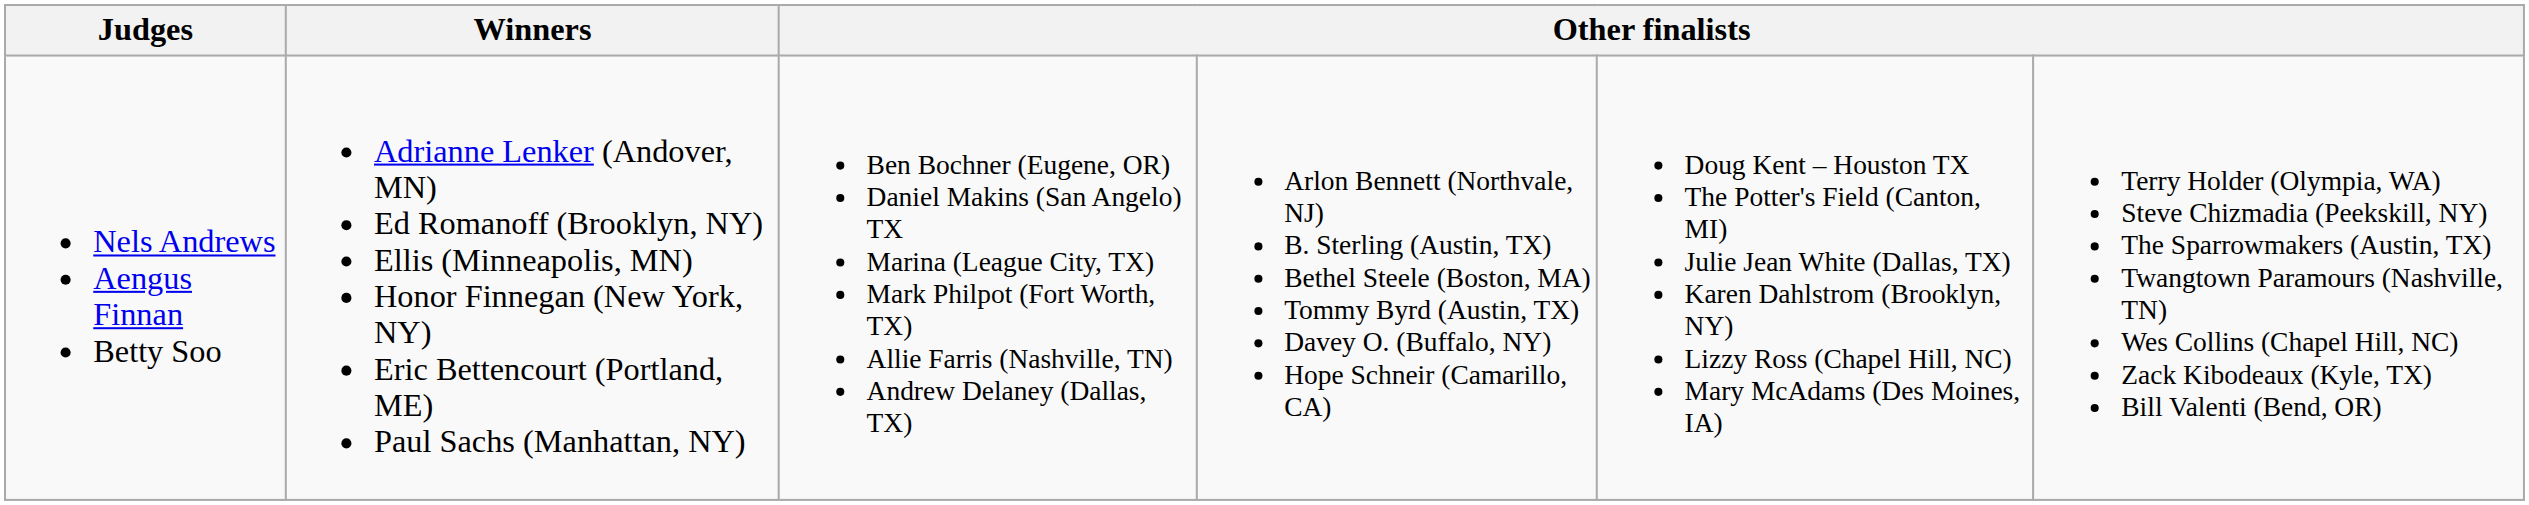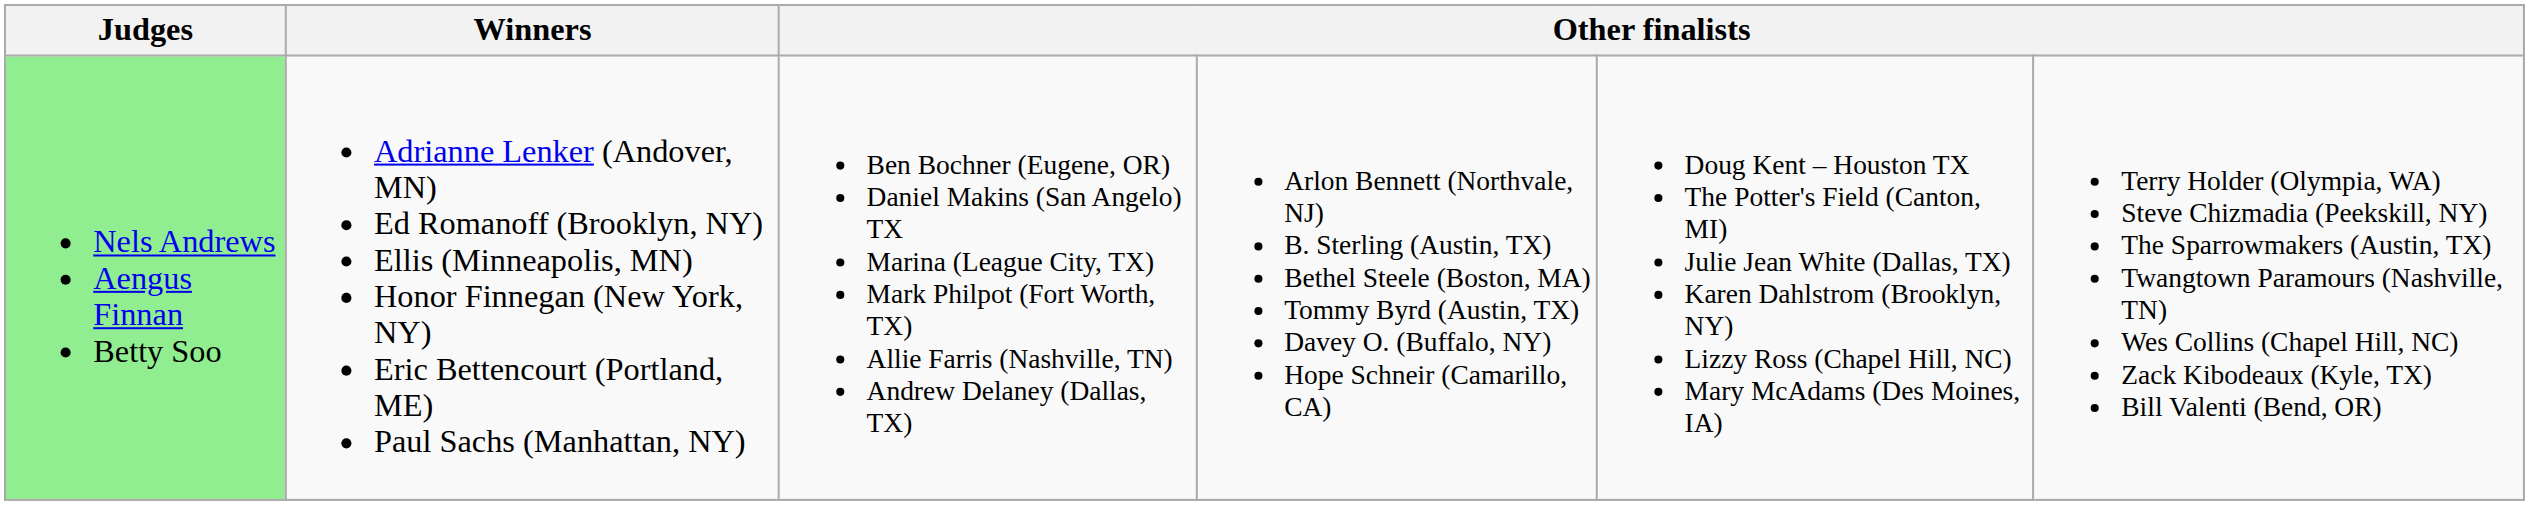 <table class="wikitable mw-collapsible mw-collapsed" style="text-align:left">
 <tr>
 <th>Judges</th>
 <th>Winners</th>
 <th colspan="4" align="center">Other finalists</th>
 </tr>
 <tr>
-<td><br><ul><li><a href='#'>Nels Andrews</a></li><li><a href='#'>Aengus Finnan</a></li><li>Betty Soo</li></ul></td>
+<td style="background: lightgreen;"><br><ul><li><a href='#'>Nels Andrews</a></li><li><a href='#'>Aengus Finnan</a></li><li>Betty Soo</li></ul></td>
 <td><br><ul><li><a href='#'>Adrianne Lenker</a> (Andover, MN)</li><li>Ed Romanoff (Brooklyn, NY)</li><li>Ellis (Minneapolis, MN)</li><li>Honor Finnegan (New York, NY)</li><li>Eric Bettencourt (Portland, ME)</li><li>Paul Sachs (Manhattan, NY)</li></ul></td>
 <td style="font-size:85%"><br><ul><li>Ben Bochner (Eugene, OR)</li><li>Daniel Makins (San Angelo) TX</li><li>Marina (League City, TX)</li><li>Mark Philpot (Fort Worth, TX)</li><li>Allie Farris (Nashville, TN)</li><li>Andrew Delaney (Dallas, TX)</li></ul></td>
 <td style="font-size:85%"><br><ul><li>Arlon Bennett (Northvale, NJ)</li><li>B. Sterling (Austin, TX)</li><li>Bethel Steele (Boston, MA)</li><li>Tommy Byrd (Austin, TX)</li><li>Davey O. (Buffalo, NY)</li><li>Hope Schneir (Camarillo, CA)</li></ul></td>
 <td style="font-size:85%"><br><ul><li>Doug Kent – Houston TX</li><li>The Potter's Field (Canton, MI)</li><li>Julie Jean White (Dallas, TX)</li><li>Karen Dahlstrom (Brooklyn, NY)</li><li>Lizzy Ross (Chapel Hill, NC)</li><li>Mary McAdams (Des Moines, IA)</li></ul></td>
 <td style="font-size:85%"><br><ul><li>Terry Holder (Olympia, WA)</li><li>Steve Chizmadia (Peekskill, NY)</li><li>The Sparrowmakers (Austin, TX)</li><li>Twangtown Paramours (Nashville, TN)</li><li>Wes Collins (Chapel Hill, NC)</li><li>Zack Kibodeaux (Kyle, TX)</li><li>Bill Valenti (Bend, OR)</li></ul></td>
 </tr>
 </table>
